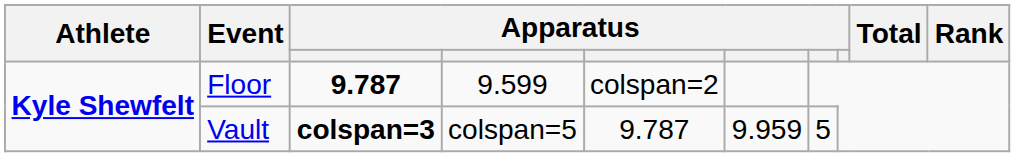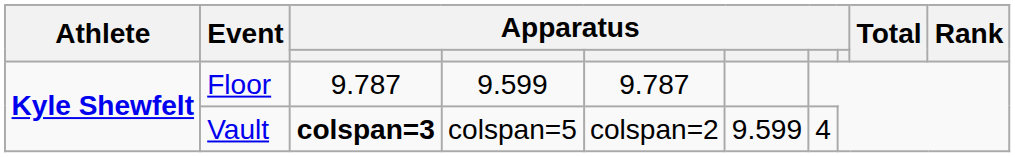 <table class="wikitable" style="font-size:90%">
 <tr>
 <th rowspan=2>Athlete</th>
 <th rowspan=2>Event</th>
 <th colspan =6>Apparatus</th>
 <th rowspan=2>Total</th>
 <th rowspan=2>Rank</th>
 </tr>
 <tr style="font-size:95%">
 <th></th>
 <th></th>
 <th></th>
 <th></th>
 <th></th>
 <th></th>
 </tr>
 <tr align=center>
 <td align=left rowspan=2><strong><a href='#'>Kyle Shewfelt</a></strong></td>
 <td align=left><a href='#'>Floor</a></td>
-<td><strong>9.787</strong></td>
+<td>9.787</td>
 <td>9.599</td>
-<td>colspan=2 </td>
+<td>9.787</td>
 <td></td>
 </tr>
 <tr align=center>
 <td align=left><a href='#'>Vault</a></td>
 <td><strong>colspan=3 </strong></td>
 <td>colspan=5 </td>
-<td>9.787</td>
-<td>9.959</td>
-<td>5</td>
+<td>colspan=2 </td>
+<td>9.599</td>
+<td>4</td>
 </tr>
 </table>
